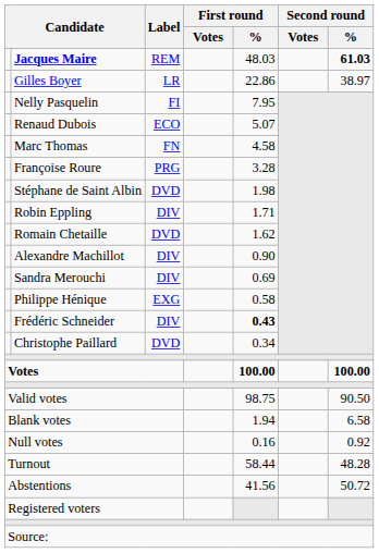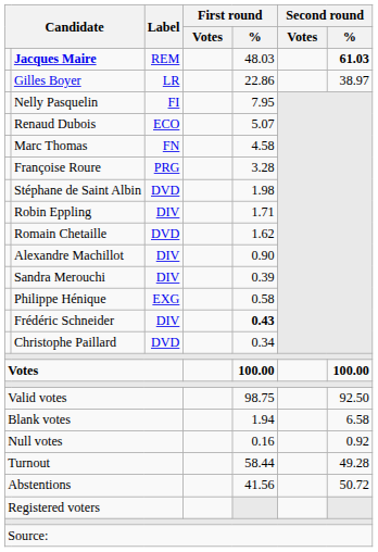 <table class="wikitable" style="text-align:right;font-size:95%;">
 <tr>
 <th rowspan="2" colspan="2">Candidate</th>
 <th rowspan="2">Label</th>
 <th colspan="2">First round</th>
 <th colspan="2">Second round</th>
 </tr>
 <tr>
 <th style="width:50px;">Votes</th>
 <th style="width:45px;">%</th>
 <th style="width:50px;">Votes</th>
 <th style="width:45px;">%</th>
 </tr>
 <tr>
 <td style="color:inherit;background:"></td>
 <td style="text-align:left;"><strong><a href='#'>Jacques Maire</a></strong></td>
 <td><a href='#'>REM</a></td>
 <td></td>
 <td>48.03</td>
 <td><strong></strong></td>
 <td><strong>61.03</strong></td>
 </tr>
 <tr>
 <td style="color:inherit;background:"></td>
 <td style="text-align:left;"><a href='#'>Gilles Boyer</a></td>
 <td><a href='#'>LR</a></td>
 <td></td>
 <td>22.86</td>
 <td></td>
 <td>38.97</td>
 </tr>
 <tr>
 <td style="color:inherit;background:"></td>
 <td style="text-align:left;">Nelly Pasquelin</td>
 <td><a href='#'>FI</a></td>
 <td></td>
 <td>7.95</td>
 <td colspan="2" rowspan="12" style="background:#E9E9E9;"></td>
 </tr>
 <tr>
 <td style="color:inherit;background:"></td>
 <td style="text-align:left;">Renaud Dubois</td>
 <td><a href='#'>ECO</a></td>
 <td></td>
 <td>5.07</td>
 </tr>
 <tr>
 <td style="color:inherit;background:"></td>
 <td style="text-align:left;">Marc Thomas</td>
 <td><a href='#'>FN</a></td>
 <td></td>
 <td>4.58</td>
 </tr>
 <tr>
 <td style="color:inherit;background:"></td>
 <td style="text-align:left;">Françoise Roure</td>
 <td><a href='#'>PRG</a></td>
 <td></td>
 <td>3.28</td>
 </tr>
 <tr>
 <td style="color:inherit;background:"></td>
 <td style="text-align:left;">Stéphane de Saint Albin</td>
 <td><a href='#'>DVD</a></td>
 <td></td>
 <td>1.98</td>
 </tr>
 <tr>
 <td style="color:inherit;background:"></td>
 <td style="text-align:left;">Robin Eppling</td>
 <td><a href='#'>DIV</a></td>
 <td></td>
 <td>1.71</td>
 </tr>
 <tr>
 <td style="color:inherit;background:"></td>
 <td style="text-align:left;">Romain Chetaille</td>
 <td><a href='#'>DVD</a></td>
 <td></td>
 <td>1.62</td>
 </tr>
 <tr>
 <td style="color:inherit;background:"></td>
 <td style="text-align:left;">Alexandre Machillot</td>
 <td><a href='#'>DIV</a></td>
 <td></td>
 <td>0.90</td>
 </tr>
 <tr>
 <td style="color:inherit;background:"></td>
 <td style="text-align:left;">Sandra Merouchi</td>
 <td><a href='#'>DIV</a></td>
 <td></td>
-<td>0.69</td>
+<td>0.39</td>
 </tr>
 <tr>
 <td style="color:inherit;background:"></td>
 <td style="text-align:left;">Philippe Hénique</td>
 <td><a href='#'>EXG</a></td>
 <td></td>
 <td>0.58</td>
 </tr>
 <tr>
 <td style="color:inherit;background:"></td>
 <td style="text-align:left;">Frédéric Schneider</td>
 <td><a href='#'>DIV</a></td>
 <td></td>
 <td><strong>0.43</strong></td>
 </tr>
 <tr>
 <td style="color:inherit;background:"></td>
 <td style="text-align:left;">Christophe Paillard</td>
 <td><a href='#'>DVD</a></td>
 <td></td>
 <td>0.34</td>
 </tr>
 <tr>
 <td colspan="7" style="background:#E9E9E9;"></td>
 </tr>
 <tr style="font-weight:bold;">
 <td colspan="3" style="text-align:left;">Votes</td>
 <td></td>
 <td>100.00</td>
 <td></td>
 <td>100.00</td>
 </tr>
 <tr>
 <td colspan="7" style="background:#E9E9E9;"></td>
 </tr>
 <tr>
 <td colspan="3" style="text-align:left;">Valid votes</td>
 <td></td>
 <td>98.75</td>
 <td></td>
-<td>90.50</td>
+<td>92.50</td>
 </tr>
 <tr>
 <td colspan="3" style="text-align:left;">Blank votes</td>
 <td></td>
 <td>1.94</td>
 <td></td>
 <td>6.58</td>
 </tr>
 <tr>
 <td colspan="3" style="text-align:left;">Null votes</td>
 <td></td>
 <td>0.16</td>
 <td></td>
 <td>0.92</td>
 </tr>
 <tr>
 <td colspan="3" style="text-align:left;">Turnout</td>
 <td></td>
 <td>58.44</td>
 <td></td>
-<td>48.28</td>
+<td>49.28</td>
 </tr>
 <tr>
 <td colspan="3" style="text-align:left;">Abstentions</td>
 <td></td>
 <td>41.56</td>
 <td></td>
 <td>50.72</td>
 </tr>
 <tr>
 <td colspan="3" style="text-align:left;">Registered voters</td>
 <td></td>
 <td style="color:inherit;background:#E9E9E9;"></td>
 <td></td>
 <td style="color:inherit;background:#E9E9E9;"></td>
 </tr>
 <tr>
 <td colspan="7" style="background:#E9E9E9;"></td>
 </tr>
 <tr>
 <td colspan="7" style="text-align:left;">Source:</td>
 </tr>
 </table>
